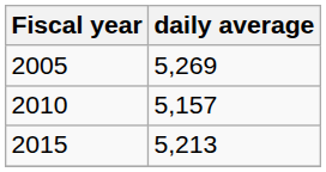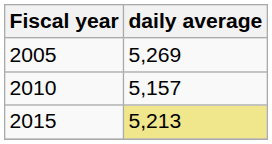 <table class="wikitable">
 <tr>
 <th>Fiscal year</th>
 <th>daily average</th>
 </tr>
 <tr>
 <td>2005</td>
 <td>5,269</td>
 </tr>
 <tr>
 <td>2010</td>
 <td>5,157</td>
 </tr>
 <tr>
 <td>2015</td>
-<td>5,213</td>
+<td style="background: khaki;">5,213</td>
 </tr>
 <tr>
 </tr>
 </table>
